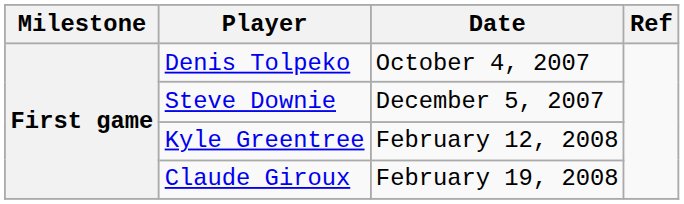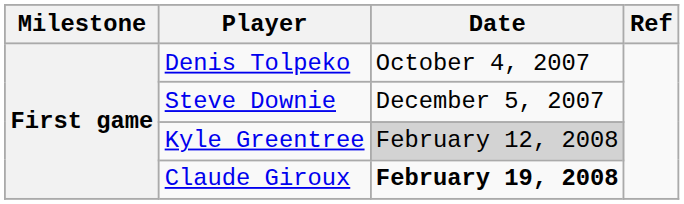 <table class="wikitable">
 <tr>
 <th scope="col">Milestone</th>
 <th scope="col">Player</th>
 <th scope="col">Date</th>
 <th scope="col">Ref</th>
 </tr>
 <tr>
 <th rowspan=4>First game</th>
 <td><a href='#'>Denis Tolpeko</a></td>
 <td>October 4, 2007</td>
 <td rowspan=4></td>
 </tr>
 <tr>
 <td><a href='#'>Steve Downie</a></td>
 <td>December 5, 2007</td>
 </tr>
 <tr>
 <td><a href='#'>Kyle Greentree</a></td>
-<td>February 12, 2008</td>
+<td style="background: lightgrey;">February 12, 2008</td>
 </tr>
 <tr>
 <td><a href='#'>Claude Giroux</a></td>
-<td>February 19, 2008</td>
+<td><strong>February 19, 2008</strong></td>
 </tr>
 </table>
